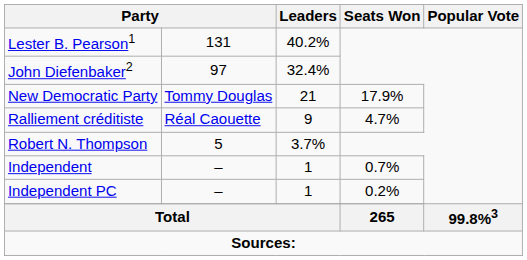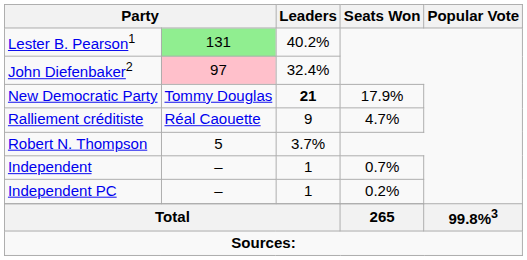 <table class="wikitable">
 <tr>
 <th colspan="2">Party</th>
 <th>Leaders</th>
 <th>Seats Won</th>
 <th>Popular Vote</th>
 </tr>
 <tr>
 <td><a href='#'>Lester B. Pearson</a><sup>1</sup></td>
-<td align=center>131</td>
+<td align=center style="background: lightgreen;">131</td>
 <td align=center>40.2%</td>
 </tr>
 <tr>
 <td><a href='#'>John Diefenbaker</a><sup>2</sup></td>
-<td align=center>97</td>
+<td align=center style="background: pink;">97</td>
 <td align=center>32.4%</td>
 </tr>
 <tr>
 <td><a href='#'>New Democratic Party</a></td>
 <td><a href='#'>Tommy Douglas</a></td>
-<td align=center>21</td>
+<td align=center><strong>21</strong></td>
 <td align=center>17.9%</td>
 </tr>
 <tr>
 <td><a href='#'>Ralliement créditiste</a></td>
 <td><a href='#'>Réal Caouette</a></td>
 <td align=center>9</td>
 <td align=center>4.7%</td>
 </tr>
 <tr>
 <td><a href='#'>Robert N. Thompson</a></td>
 <td align=center>5</td>
 <td align=center>3.7%</td>
 </tr>
 <tr>
 <td><a href='#'>Independent</a></td>
 <td align=center>–</td>
 <td align=center>1</td>
 <td align=center>0.7%</td>
 </tr>
 <tr>
 <td><a href='#'>Independent PC</a></td>
 <td align=center>–</td>
 <td align=center>1</td>
 <td align=center>0.2%</td>
 </tr>
 <tr align=center|>
 </tr>
 <tr>
 <th colspan=3 align=left>Total</th>
 <th align=center>265</th>
 <th align=center>99.8%<sup>3</sup></th>
 </tr>
 <tr>
 <td align="center" colspan=5><strong>Sources:</strong> </td>
 </tr>
 </table>
